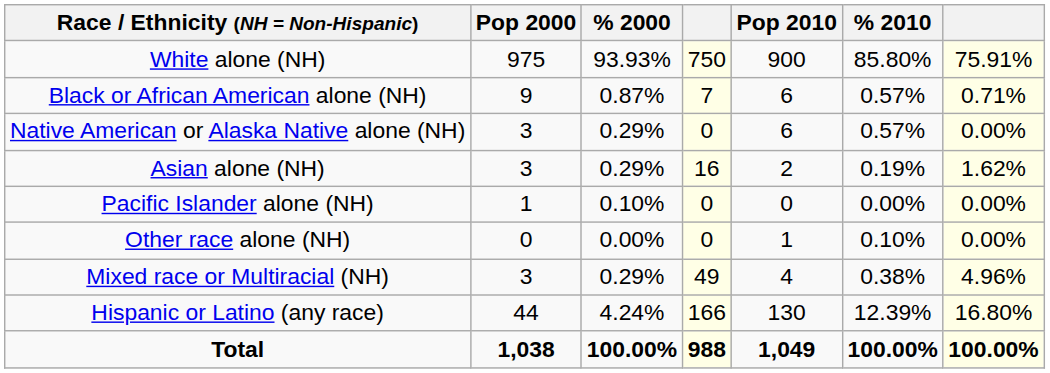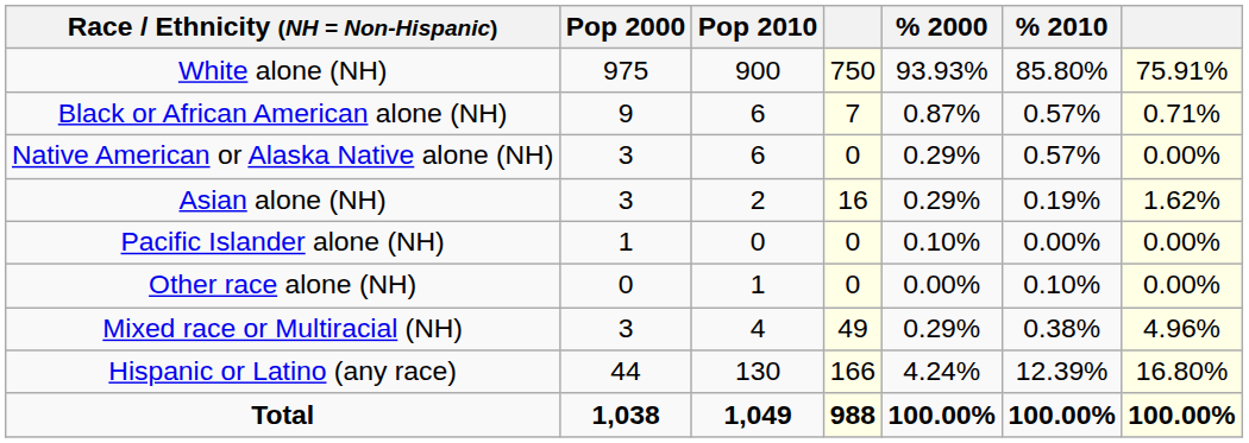 <table class="wikitable" style="text-align:center;">
 <tr>
 <th>Race / Ethnicity <small>(<em>NH = Non-Hispanic</em>)</small></th>
 <th>Pop 2000</th>
+<th>Pop 2010</th>
+<th></th>
 <th>% 2000</th>
-<th></th>
-<th>Pop 2010</th>
 <th>% 2010</th>
 <th></th>
 </tr>
 <tr>
 <td><a href='#'>White</a> alone (NH)</td>
 <td>975</td>
+<td>900</td>
+<td style='background: #ffffe6;'>750</td>
 <td>93.93%</td>
-<td style='background: #ffffe6;'>750</td>
-<td>900</td>
 <td>85.80%</td>
 <td style='background: #ffffe6;'>75.91%</td>
 </tr>
 <tr>
 <td><a href='#'>Black or African American</a> alone (NH)</td>
 <td>9</td>
+<td>6</td>
+<td style='background: #ffffe6;'>7</td>
 <td>0.87%</td>
-<td style='background: #ffffe6;'>7</td>
-<td>6</td>
 <td>0.57%</td>
 <td style='background: #ffffe6;'>0.71%</td>
 </tr>
 <tr>
 <td><a href='#'>Native American</a> or <a href='#'>Alaska Native</a> alone (NH)</td>
 <td>3</td>
+<td>6</td>
+<td style='background: #ffffe6;'>0</td>
 <td>0.29%</td>
-<td style='background: #ffffe6;'>0</td>
-<td>6</td>
 <td>0.57%</td>
 <td style='background: #ffffe6;'>0.00%</td>
 </tr>
 <tr>
 <td><a href='#'>Asian</a> alone (NH)</td>
 <td>3</td>
+<td>2</td>
+<td style='background: #ffffe6;'>16</td>
 <td>0.29%</td>
-<td style='background: #ffffe6;'>16</td>
-<td>2</td>
 <td>0.19%</td>
 <td style='background: #ffffe6;'>1.62%</td>
 </tr>
 <tr>
 <td><a href='#'>Pacific Islander</a> alone (NH)</td>
 <td>1</td>
+<td>0</td>
+<td style='background: #ffffe6;'>0</td>
 <td>0.10%</td>
-<td style='background: #ffffe6;'>0</td>
-<td>0</td>
 <td>0.00%</td>
 <td style='background: #ffffe6;'>0.00%</td>
 </tr>
 <tr>
 <td><a href='#'>Other race</a> alone (NH)</td>
 <td>0</td>
+<td>1</td>
+<td style='background: #ffffe6;'>0</td>
 <td>0.00%</td>
-<td style='background: #ffffe6;'>0</td>
-<td>1</td>
 <td>0.10%</td>
 <td style='background: #ffffe6;'>0.00%</td>
 </tr>
 <tr>
 <td><a href='#'>Mixed race or Multiracial</a> (NH)</td>
 <td>3</td>
+<td>4</td>
+<td style='background: #ffffe6;'>49</td>
 <td>0.29%</td>
-<td style='background: #ffffe6;'>49</td>
-<td>4</td>
 <td>0.38%</td>
 <td style='background: #ffffe6;'>4.96%</td>
 </tr>
 <tr>
 <td><a href='#'>Hispanic or Latino</a> (any race)</td>
 <td>44</td>
+<td>130</td>
+<td style='background: #ffffe6;'>166</td>
 <td>4.24%</td>
-<td style='background: #ffffe6;'>166</td>
-<td>130</td>
 <td>12.39%</td>
 <td style='background: #ffffe6;'>16.80%</td>
 </tr>
 <tr>
 <td><strong>Total</strong></td>
 <td><strong>1,038</strong></td>
+<td><strong>1,049</strong></td>
+<td style='background: #ffffe6;'><strong>988</strong></td>
 <td><strong>100.00%</strong></td>
-<td style='background: #ffffe6;'><strong>988</strong></td>
-<td><strong>1,049</strong></td>
 <td><strong>100.00%</strong></td>
 <td style='background: #ffffe6;'><strong>100.00%</strong></td>
 </tr>
 </table>
